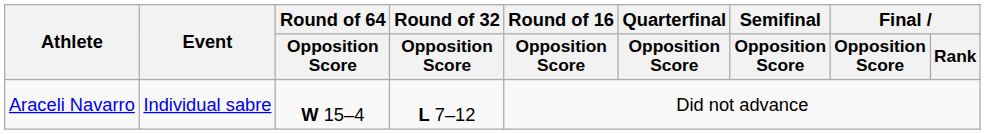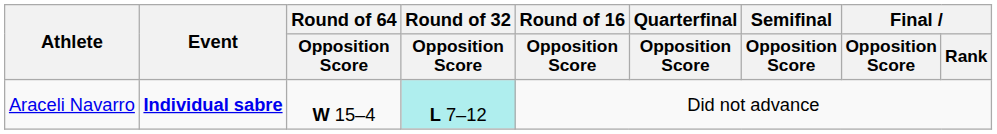 <table class="wikitable" style="font-size:90%">
 <tr>
 <th rowspan="2">Athlete</th>
 <th rowspan="2">Event</th>
 <th>Round of 64</th>
 <th>Round of 32</th>
 <th>Round of 16</th>
 <th>Quarterfinal</th>
 <th>Semifinal</th>
 <th colspan=2>Final / </th>
 </tr>
 <tr style="font-size:95%">
 <th>Opposition <br> Score</th>
 <th>Opposition <br> Score</th>
 <th>Opposition <br> Score</th>
 <th>Opposition <br> Score</th>
 <th>Opposition <br> Score</th>
 <th>Opposition <br> Score</th>
 <th>Rank</th>
 </tr>
 <tr align=center>
 <td align=left><a href='#'>Araceli Navarro</a></td>
-<td align=left><a href='#'>Individual sabre</a></td>
+<td align=left><strong><a href='#'>Individual sabre</a></strong></td>
 <td><br><strong>W</strong> 15–4</td>
-<td><br><strong>L</strong> 7–12</td>
+<td style="background: paleturquoise;"><br><strong>L</strong> 7–12</td>
 <td colspan=5>Did not advance</td>
 </tr>
 </table>
